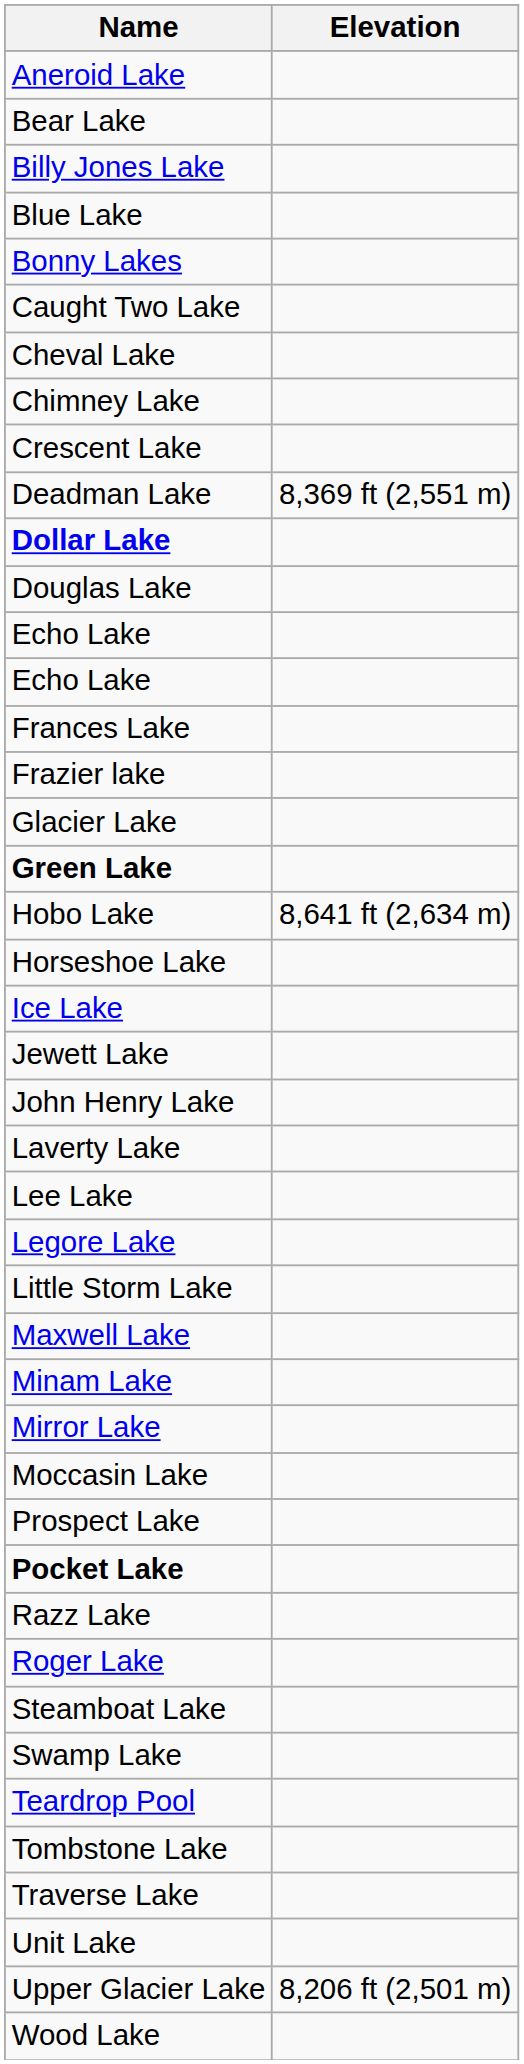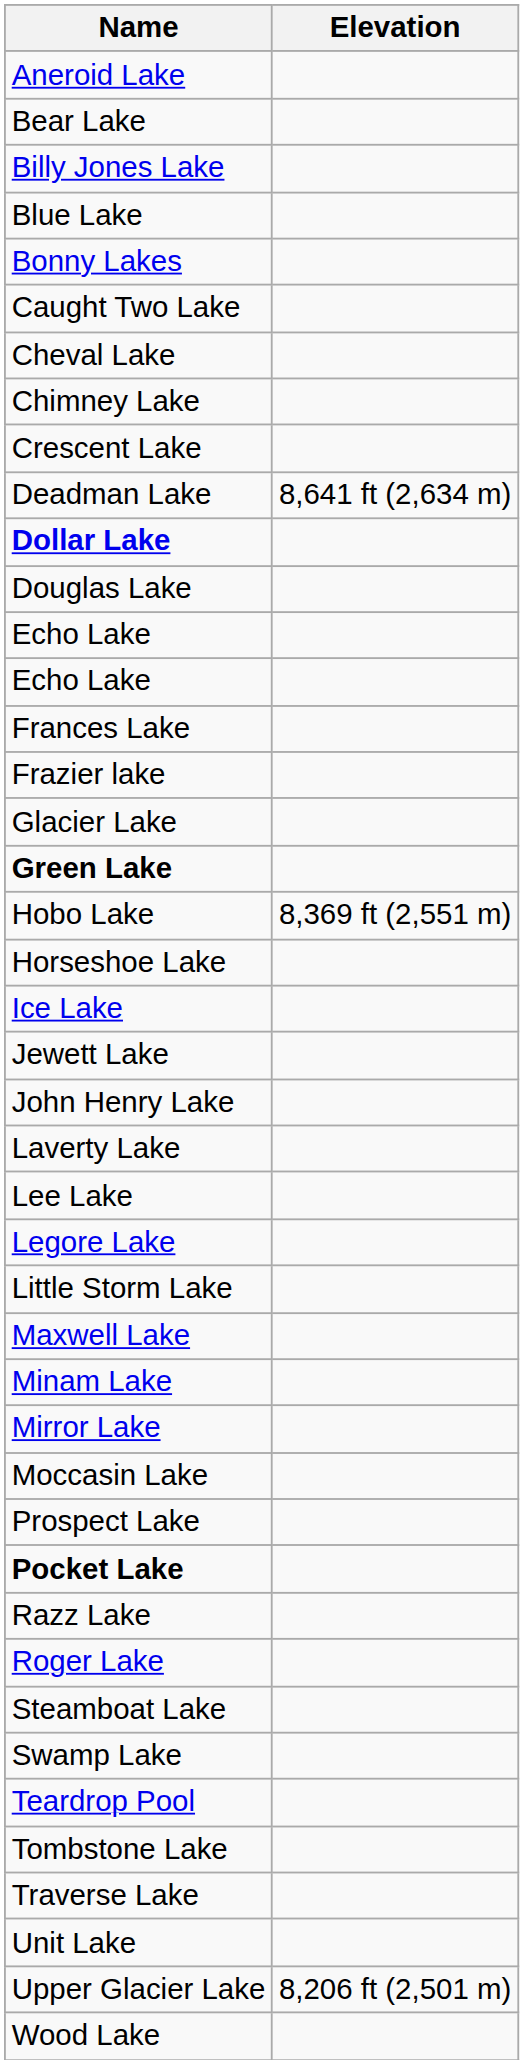 <table class="wikitable sortable">
 <tr>
 <th>Name</th>
 <th>Elevation</th>
 </tr>
 <tr>
 <td><a href='#'>Aneroid Lake</a></td>
 <td></td>
 </tr>
 <tr>
 <td>Bear Lake</td>
 <td></td>
 </tr>
 <tr>
 <td><a href='#'>Billy Jones Lake</a></td>
 <td></td>
 </tr>
 <tr>
 <td>Blue Lake</td>
 <td></td>
 </tr>
 <tr>
 <td><a href='#'>Bonny Lakes</a></td>
 <td></td>
 </tr>
 <tr>
 <td>Caught Two Lake</td>
 <td></td>
 </tr>
 <tr>
 <td>Cheval Lake</td>
 <td></td>
 </tr>
 <tr>
 <td>Chimney Lake</td>
 <td></td>
 </tr>
 <tr>
 <td>Crescent Lake</td>
 <td></td>
 </tr>
 <tr>
 <td>Deadman Lake</td>
-<td>8,369 ft (2,551 m)</td>
+<td>8,641 ft (2,634 m)</td>
 </tr>
 <tr>
 <td><strong><a href='#'>Dollar Lake</a></strong></td>
 <td></td>
 </tr>
 <tr>
 <td>Douglas Lake</td>
 <td></td>
 </tr>
 <tr>
 <td>Echo Lake</td>
 <td></td>
 </tr>
 <tr>
 <td>Echo Lake</td>
 <td></td>
 </tr>
 <tr>
 <td>Frances Lake</td>
 <td></td>
 </tr>
 <tr>
 <td>Frazier lake</td>
 <td></td>
 </tr>
 <tr>
 <td>Glacier Lake</td>
 <td></td>
 </tr>
 <tr>
 <td><strong>Green Lake</strong></td>
 <td></td>
 </tr>
 <tr>
 <td>Hobo Lake</td>
-<td>8,641 ft (2,634 m)</td>
+<td>8,369 ft (2,551 m)</td>
 </tr>
 <tr>
 <td>Horseshoe Lake</td>
 <td></td>
 </tr>
 <tr>
 <td><a href='#'>Ice Lake</a></td>
 <td></td>
 </tr>
 <tr>
 <td>Jewett Lake</td>
 <td></td>
 </tr>
 <tr>
 <td>John Henry Lake</td>
 <td></td>
 </tr>
 <tr>
 <td>Laverty Lake</td>
 <td></td>
 </tr>
 <tr>
 <td>Lee Lake</td>
 <td></td>
 </tr>
 <tr>
 <td><a href='#'>Legore Lake</a></td>
 <td></td>
 </tr>
 <tr>
 <td>Little Storm Lake</td>
 <td></td>
 </tr>
 <tr>
 <td><a href='#'>Maxwell Lake</a></td>
 <td></td>
 </tr>
 <tr>
 <td><a href='#'>Minam Lake</a></td>
 <td></td>
 </tr>
 <tr>
 <td><a href='#'>Mirror Lake</a></td>
 <td></td>
 </tr>
 <tr>
 <td>Moccasin Lake</td>
 <td></td>
 </tr>
 <tr>
 <td>Prospect Lake</td>
 <td></td>
 </tr>
 <tr>
 <td><strong>Pocket Lake</strong></td>
 <td></td>
 </tr>
 <tr>
 <td>Razz Lake</td>
 <td></td>
 </tr>
 <tr>
 <td><a href='#'>Roger Lake</a></td>
 <td></td>
 </tr>
 <tr>
 <td>Steamboat Lake</td>
 <td></td>
 </tr>
 <tr>
 <td>Swamp Lake</td>
 <td></td>
 </tr>
 <tr>
 <td><a href='#'>Teardrop Pool</a></td>
 <td></td>
 </tr>
 <tr>
 <td>Tombstone Lake</td>
 <td></td>
 </tr>
 <tr>
 <td>Traverse Lake</td>
 <td></td>
 </tr>
 <tr>
 <td>Unit Lake</td>
 <td></td>
 </tr>
 <tr>
 <td>Upper Glacier Lake</td>
 <td>8,206 ft (2,501 m)</td>
 </tr>
 <tr>
 <td>Wood Lake</td>
 <td></td>
 </tr>
 </table>
